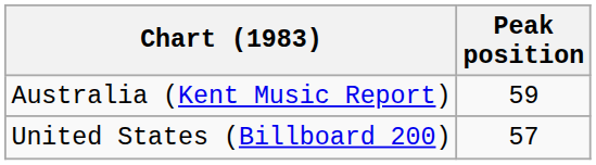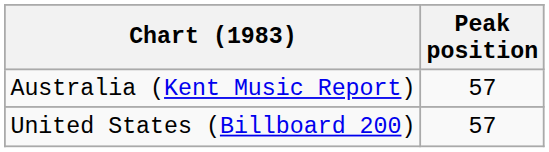 <table class="wikitable">
 <tr>
 <th scope="col">Chart (1983)</th>
 <th>Peak<br>position</th>
 </tr>
 <tr>
 <td>Australia (<a href='#'>Kent Music Report</a>)</td>
-<td style="text-align:center;">59</td>
+<td style="text-align:center;">57</td>
 </tr>
 <tr>
 <td>United States (<a href='#'>Billboard 200</a>)</td>
 <td style="text-align:center;">57</td>
 </tr>
 </table>
